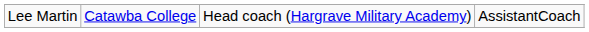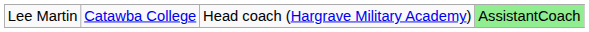 <table class="wikitable sortable" border="1">
 <tr align=center>
 </tr>
 <tr>
 <td>Lee Martin</td>
 <td><a href='#'>Catawba College</a></td>
 <td>Head coach (<a href='#'>Hargrave Military Academy</a>)</td>
-<td>AssistantCoach</td>
+<td style="background: lightgreen;">AssistantCoach</td>
 </tr>
 <tr>
 </tr>
 </table>
